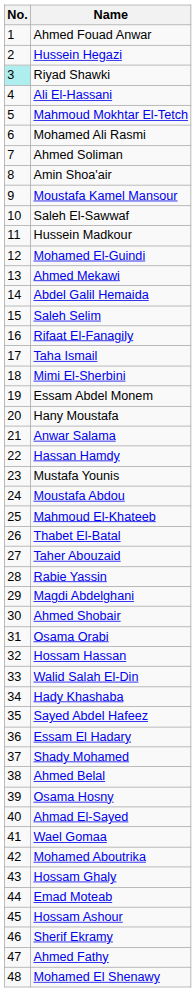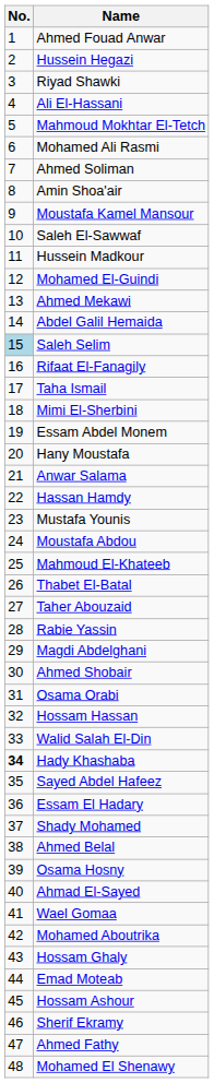 <table class="wikitable alternance" style="display:inline-table;">
 <tr>
 <th>No.</th>
 <th>Name</th>
 </tr>
 <tr>
 <td>1</td>
 <td> Ahmed Fouad Anwar</td>
 </tr>
 <tr>
 <td>2</td>
 <td> <a href='#'>Hussein Hegazi</a></td>
 </tr>
 <tr>
-<td style="background: paleturquoise;">3</td>
+<td>3</td>
 <td> Riyad Shawki</td>
 </tr>
 <tr>
 <td>4</td>
 <td> <a href='#'>Ali El-Hassani</a></td>
 </tr>
 <tr>
 <td>5</td>
 <td> <a href='#'>Mahmoud Mokhtar El-Tetch</a></td>
 </tr>
 <tr>
 <td>6</td>
 <td> Mohamed Ali Rasmi</td>
 </tr>
 <tr>
 <td>7</td>
 <td> Ahmed Soliman</td>
 </tr>
 <tr>
 <td>8</td>
 <td> Amin Shoa'air</td>
 </tr>
 <tr>
 <td>9</td>
 <td> <a href='#'>Moustafa Kamel Mansour</a></td>
 </tr>
 <tr>
 <td>10</td>
 <td> Saleh El-Sawwaf</td>
 </tr>
 <tr>
 <td>11</td>
 <td> Hussein Madkour</td>
 </tr>
 <tr>
 <td>12</td>
 <td> <a href='#'>Mohamed El-Guindi</a></td>
 </tr>
 <tr>
 <td>13</td>
 <td> <a href='#'>Ahmed Mekawi</a></td>
 </tr>
 <tr>
 <td>14</td>
 <td> <a href='#'>Abdel Galil Hemaida</a></td>
 </tr>
 <tr>
-<td>15</td>
+<td style="background: lightblue;">15</td>
 <td> <a href='#'>Saleh Selim</a></td>
 </tr>
 <tr>
 <td>16</td>
 <td> <a href='#'>Rifaat El-Fanagily</a></td>
 </tr>
 <tr>
 <td>17</td>
 <td> <a href='#'>Taha Ismail</a></td>
 </tr>
 <tr>
 <td>18</td>
 <td> <a href='#'>Mimi El-Sherbini</a></td>
 </tr>
 <tr>
 <td>19</td>
 <td> Essam Abdel Monem</td>
 </tr>
 <tr>
 <td>20</td>
 <td> Hany Moustafa</td>
 </tr>
 <tr>
 <td>21</td>
 <td> <a href='#'>Anwar Salama</a></td>
 </tr>
 <tr>
 <td>22</td>
 <td> <a href='#'>Hassan Hamdy</a></td>
 </tr>
 <tr>
 <td>23</td>
 <td> Mustafa Younis</td>
 </tr>
 <tr>
 <td>24</td>
 <td> <a href='#'>Moustafa Abdou</a></td>
 </tr>
 <tr>
 <td>25</td>
 <td> <a href='#'>Mahmoud El-Khateeb</a></td>
 </tr>
 <tr>
 <td>26</td>
 <td> <a href='#'>Thabet El-Batal</a></td>
 </tr>
 <tr>
 <td>27</td>
 <td> <a href='#'>Taher Abouzaid</a></td>
 </tr>
 <tr>
 <td>28</td>
 <td> <a href='#'>Rabie Yassin</a></td>
 </tr>
 <tr>
 <td>29</td>
 <td> <a href='#'>Magdi Abdelghani</a></td>
 </tr>
 <tr>
 <td>30</td>
 <td> <a href='#'>Ahmed Shobair</a></td>
 </tr>
 <tr>
 <td>31</td>
 <td> <a href='#'>Osama Orabi</a></td>
 </tr>
 <tr>
 <td>32</td>
 <td> <a href='#'>Hossam Hassan</a></td>
 </tr>
 <tr>
 <td>33</td>
 <td> <a href='#'>Walid Salah El-Din</a></td>
 </tr>
 <tr>
-<td>34</td>
+<td><strong>34</strong></td>
 <td> <a href='#'>Hady Khashaba</a></td>
 </tr>
 <tr>
 <td>35</td>
 <td> <a href='#'>Sayed Abdel Hafeez</a></td>
 </tr>
 <tr>
 <td>36</td>
 <td> <a href='#'>Essam El Hadary</a></td>
 </tr>
 <tr>
 <td>37</td>
 <td> <a href='#'>Shady Mohamed</a></td>
 </tr>
 <tr>
 <td>38</td>
 <td> <a href='#'>Ahmed Belal</a></td>
 </tr>
 <tr>
 <td>39</td>
 <td> <a href='#'>Osama Hosny</a></td>
 </tr>
 <tr>
 <td>40</td>
 <td> <a href='#'>Ahmad El-Sayed</a></td>
 </tr>
 <tr>
 <td>41</td>
 <td> <a href='#'>Wael Gomaa</a></td>
 </tr>
 <tr>
 <td>42</td>
 <td> <a href='#'>Mohamed Aboutrika</a></td>
 </tr>
 <tr>
 <td>43</td>
 <td> <a href='#'>Hossam Ghaly</a></td>
 </tr>
 <tr>
 <td>44</td>
 <td> <a href='#'>Emad Moteab</a></td>
 </tr>
 <tr>
 <td>45</td>
 <td> <a href='#'>Hossam Ashour</a></td>
 </tr>
 <tr>
 <td>46</td>
 <td> <a href='#'>Sherif Ekramy</a></td>
 </tr>
 <tr>
 <td>47</td>
 <td> <a href='#'>Ahmed Fathy</a></td>
 </tr>
 <tr>
 <td>48</td>
 <td> <a href='#'>Mohamed El Shenawy</a></td>
 </tr>
 </table>
